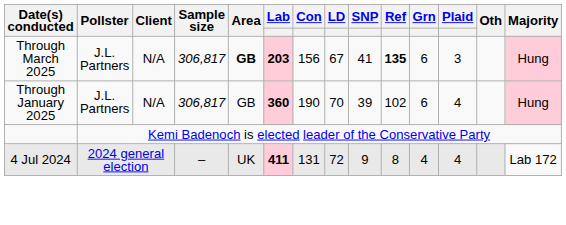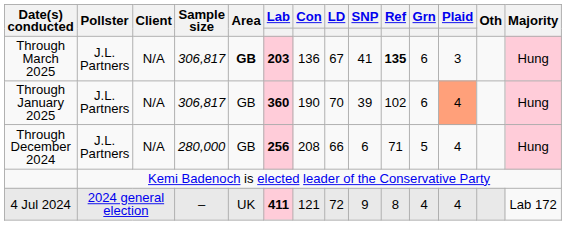 <table class="wikitable sortable mw-datatable" style="text-align:center; font-size:90%; line-height:14px;">
 <tr>
 <th rowspan="2">Date(s)<br>conducted</th>
 <th rowspan="2">Pollster</th>
 <th rowspan="2">Client</th>
 <th rowspan="2" data-sort-type="number">Sample<br>size</th>
 <th rowspan="2">Area</th>
 <th class="unsortable" style="width:50px;"><a href='#'>Lab</a></th>
 <th class="unsortable" style="width:50px;"><a href='#'>Con</a></th>
 <th class="unsortable" style="width:50px;"><a href='#'>LD</a></th>
 <th class="unsortable" style="width:50px;"><a href='#'>SNP</a></th>
 <th class="unsortable" style="width:50px;"><a href='#'>Ref</a></th>
 <th class="unsortable" style="width:50px;"><a href='#'>Grn</a></th>
 <th class="unsortable" style="width:50px;"><a href='#'>Plaid</a></th>
 <th rowspan="2" class="unsortable">Oth</th>
 <th rowspan="2" data-sort-type="number">Majority</th>
 </tr>
 <tr>
 <th data-sort-type="number" style="background:"></th>
 <th data-sort-type="number" style="background:"></th>
 <th data-sort-type="number" style="background:"></th>
 <th data-sort-type="number" style="background:"></th>
 <th data-sort-type="number" style="background:"></th>
 <th data-sort-type="number" style="background:"></th>
 <th data-sort-type="number" style="background:"></th>
 </tr>
 <tr>
 <td data-sort-value="2025-02-09">Through March 2025</td>
 <td>J.L. Partners</td>
 <td>N/A</td>
 <td><em>306,817</em></td>
 <td><strong>GB</strong></td>
 <td style="background:#ffccd9;"><strong>203</strong></td>
-<td>156</td>
+<td>136</td>
 <td>67</td>
 <td>41</td>
 <td><strong>135</strong></td>
 <td>6</td>
 <td>3</td>
 <td><br></td>
 <td style="background:#ffccd9;" data-sort-value="-0">Hung<br></td>
 </tr>
 <tr>
 <td data-sort-value="2025-02-09">Through January 2025</td>
 <td>J.L. Partners</td>
 <td>N/A</td>
 <td><em>306,817</em></td>
 <td>GB</td>
 <td style="background:#ffccd9;"><strong>360</strong></td>
 <td>190</td>
 <td>70</td>
 <td>39</td>
 <td>102</td>
 <td>6</td>
+<td style="background: lightsalmon;">4</td>
+<td><br></td>
+<td style="background:#ffccd9;" data-sort-value="-0">Hung<br></td>
+</tr>
+<tr>
+<td data-sort-value="2024-12-28">Through December 2024</td>
+<td>J.L. Partners</td>
+<td>N/A</td>
+<td><em>280,000</em></td>
+<td>GB</td>
+<td style="background:#ffccd9;"><strong>256</strong></td>
+<td>208</td>
+<td>66</td>
+<td>6</td>
+<td>71</td>
+<td>5</td>
 <td>4</td>
-<td><br></td>
+<td><br><br></td>
 <td style="background:#ffccd9;" data-sort-value="-0">Hung<br></td>
 </tr>
 <tr>
 <td></td>
 <td colspan="13"><a href='#'>Kemi Badenoch</a> is <a href='#'>elected</a> <a href='#'>leader of the Conservative Party</a></td>
 </tr>
 <tr>
 <td style="background:#e9e9e9;">4 Jul 2024</td>
 <td colspan="2" style="background:#e9e9e9;"><a href='#'>2024 general election</a></td>
 <td style="background:#e9e9e9;">–</td>
 <td style="background:#e9e9e9;">UK</td>
 <td style="background:#ffccd9;"><strong>411</strong></td>
-<td style="background:#e9e9e9;">131</td>
+<td style="background:#e9e9e9;">121</td>
 <td style="background:#e9e9e9;">72</td>
 <td style="background:#e9e9e9;">9</td>
 <td style="background:#e9e9e9;">8</td>
 <td style="background:#e9e9e9;">4</td>
 <td style="background:#e9e9e9;">4</td>
 <td style="background:#e9e9e9;"></td>
 <td style="background:">Lab 172</td>
 </tr>
 </table>
